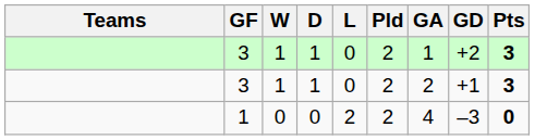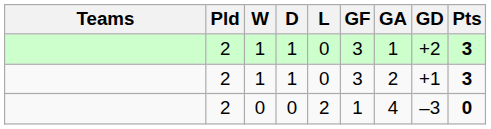 <table class="wikitable" style="text-align: center;">
 <tr>
 <th width=165>Teams</th>
-<th width=20>GF</th>
+<th width=20>Pld</th>
 <th width=20>W</th>
 <th width=20>D</th>
 <th width=20>L</th>
-<th width=20>Pld</th>
+<th width=20>GF</th>
 <th width=20>GA</th>
 <th width=20>GD</th>
 <th width=20>Pts</th>
 </tr>
 <tr align=center style="background:#ccffcc;">
 <td style="text-align:left;"></td>
-<td>3</td>
+<td>2</td>
 <td>1</td>
 <td>1</td>
 <td>0</td>
-<td>2</td>
+<td>3</td>
 <td>1</td>
 <td>+2</td>
 <td><strong>3</strong></td>
 </tr>
 <tr align=center>
 <td style="text-align:left;"></td>
-<td>3</td>
+<td>2</td>
 <td>1</td>
 <td>1</td>
 <td>0</td>
-<td>2</td>
+<td>3</td>
 <td>2</td>
 <td>+1</td>
 <td><strong>3</strong></td>
 </tr>
 <tr align=center>
 <td style="text-align:left;"></td>
-<td>1</td>
+<td>2</td>
 <td>0</td>
 <td>0</td>
 <td>2</td>
-<td>2</td>
+<td>1</td>
 <td>4</td>
 <td>–3</td>
 <td><strong>0</strong></td>
 </tr>
 </table>
